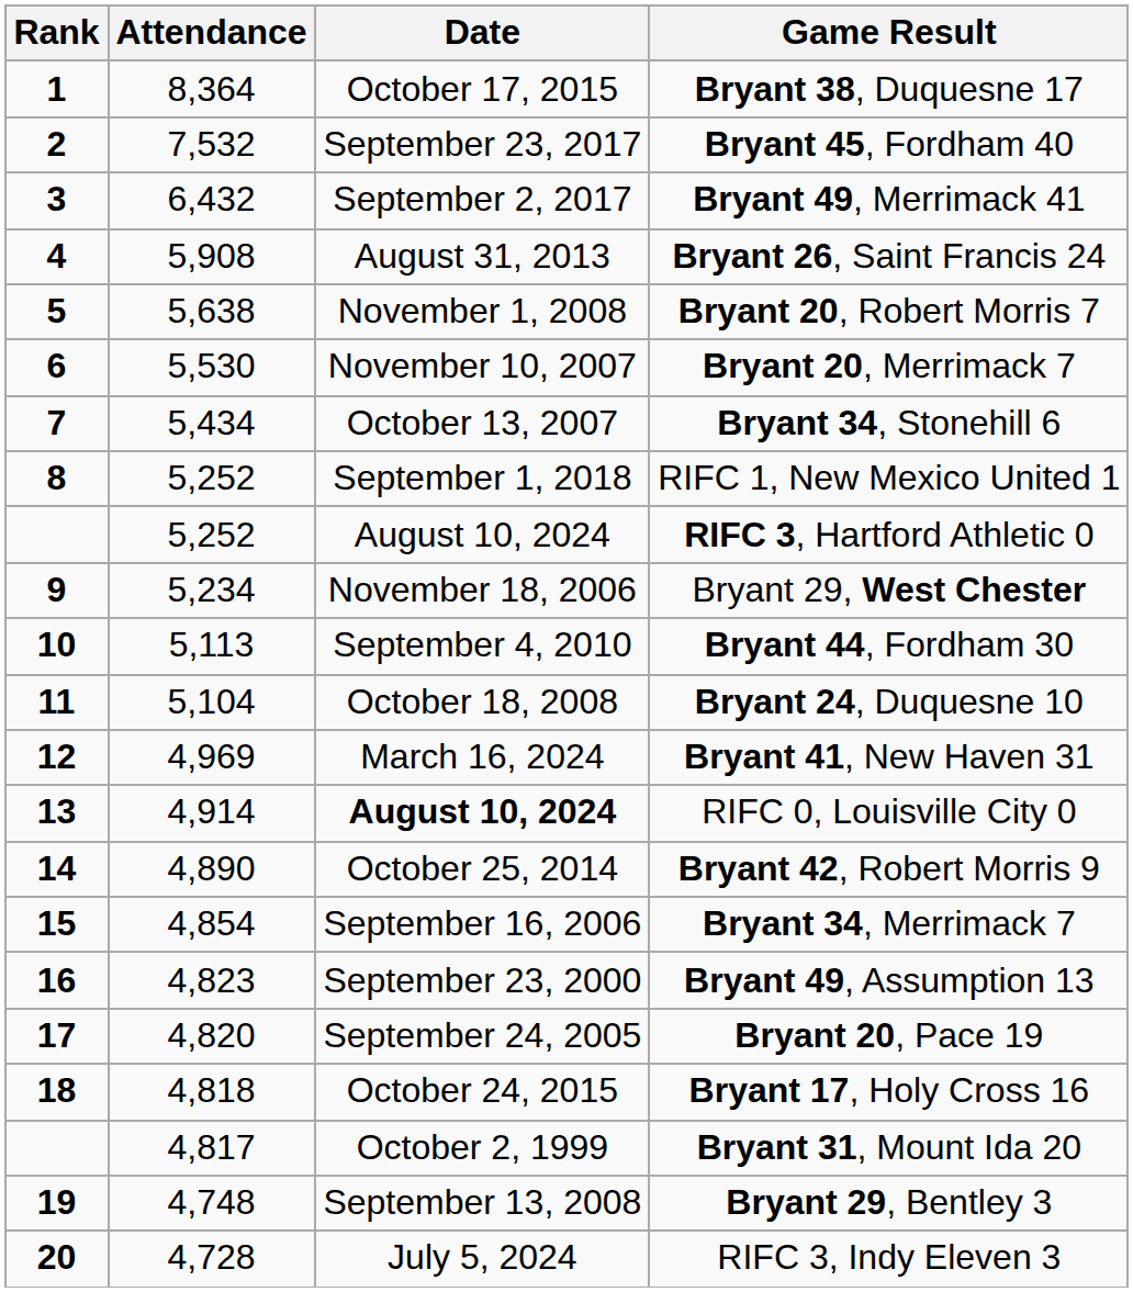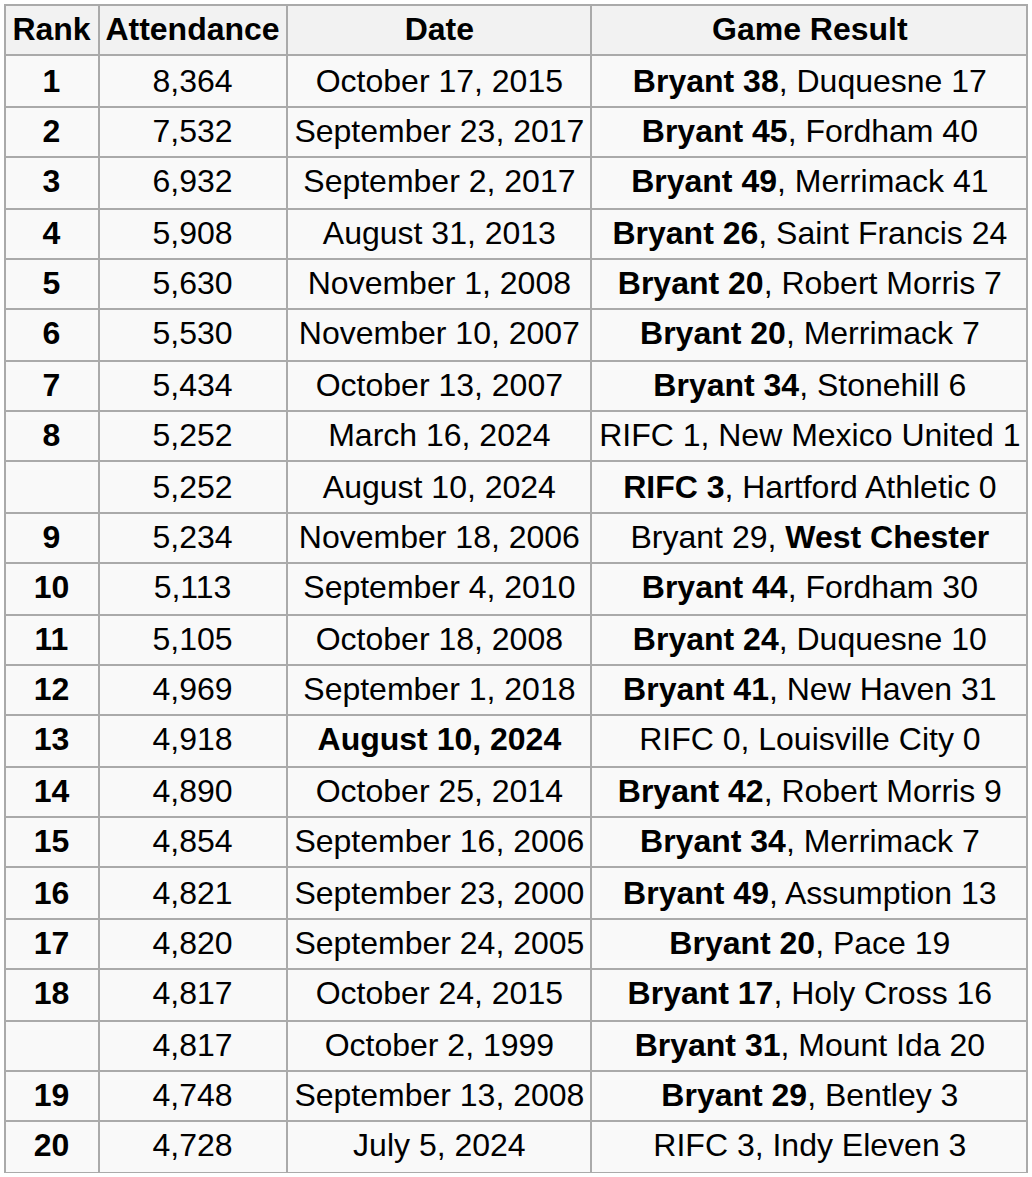 <table class="wikitable sortable">
 <tr>
 <th>Rank</th>
 <th>Attendance</th>
 <th>Date</th>
 <th>Game Result</th>
 </tr>
 <tr align="center">
 <td><strong>1</strong></td>
 <td>8,364</td>
 <td>October 17, 2015</td>
 <td><strong>Bryant 38</strong>, Duquesne 17</td>
 </tr>
 <tr align="center">
 <td><strong>2</strong></td>
 <td>7,532</td>
 <td>September 23, 2017</td>
 <td><strong>Bryant 45</strong>, Fordham 40</td>
 </tr>
 <tr align="center">
 <td><strong>3</strong></td>
-<td>6,432</td>
+<td>6,932</td>
 <td>September 2, 2017</td>
 <td><strong>Bryant 49</strong>, Merrimack 41</td>
 </tr>
 <tr align="center">
 <td><strong>4</strong></td>
 <td>5,908</td>
 <td>August 31, 2013</td>
 <td><strong>Bryant 26</strong>, Saint Francis 24</td>
 </tr>
 <tr align="center">
 <td><strong>5</strong></td>
-<td>5,638</td>
+<td>5,630</td>
 <td>November 1, 2008</td>
 <td><strong>Bryant 20</strong>, Robert Morris 7</td>
 </tr>
 <tr align="center">
 <td><strong>6</strong></td>
 <td>5,530</td>
 <td>November 10, 2007</td>
 <td><strong>Bryant 20</strong>, Merrimack 7</td>
 </tr>
 <tr align="center">
 <td><strong>7</strong></td>
 <td>5,434</td>
 <td>October 13, 2007</td>
 <td><strong> Bryant 34</strong>, Stonehill 6</td>
 </tr>
 <tr align="center">
 <td><strong>8</strong></td>
 <td>5,252</td>
-<td>September 1, 2018</td>
+<td>March 16, 2024</td>
 <td>RIFC 1, New Mexico United 1</td>
 </tr>
 <tr align="center">
 <td></td>
 <td>5,252</td>
 <td>August 10, 2024</td>
 <td><strong>RIFC 3</strong>, Hartford Athletic 0</td>
 </tr>
 <tr align="center">
 <td><strong>9</strong></td>
 <td>5,234</td>
 <td>November 18, 2006</td>
 <td> Bryant 29, <strong> West Chester</strong></td>
 </tr>
 <tr align="center">
 <td><strong>10</strong></td>
 <td>5,113</td>
 <td>September 4, 2010</td>
 <td><strong>Bryant 44</strong>, Fordham 30</td>
 </tr>
 <tr align="center">
 <td><strong>11</strong></td>
-<td>5,104</td>
+<td>5,105</td>
 <td>October 18, 2008</td>
 <td><strong>Bryant 24</strong>, Duquesne 10</td>
 </tr>
 <tr align="center">
 <td><strong>12</strong></td>
 <td>4,969</td>
-<td>March 16, 2024</td>
+<td>September 1, 2018</td>
 <td><strong>Bryant 41</strong>, New Haven 31</td>
 </tr>
 <tr align="center">
 <td><strong>13</strong></td>
-<td>4,914</td>
+<td>4,918</td>
 <td><strong>August 10, 2024</strong></td>
 <td>RIFC 0, Louisville City 0</td>
 </tr>
 <tr align="center">
 <td><strong>14</strong></td>
 <td>4,890</td>
 <td>October 25, 2014</td>
 <td><strong>Bryant 42</strong>, Robert Morris 9</td>
 </tr>
 <tr align="center">
 <td><strong>15</strong></td>
 <td>4,854</td>
 <td>September 16, 2006</td>
 <td><strong>Bryant 34</strong>, Merrimack 7</td>
 </tr>
 <tr align="center">
 <td><strong>16</strong></td>
-<td>4,823</td>
+<td>4,821</td>
 <td>September 23, 2000</td>
 <td><strong>Bryant 49</strong>, Assumption 13</td>
 </tr>
 <tr align="center">
 <td><strong>17</strong></td>
 <td>4,820</td>
 <td>September 24, 2005</td>
 <td><strong>Bryant 20</strong>, Pace 19</td>
 </tr>
 <tr align="center">
 <td><strong>18</strong></td>
-<td>4,818</td>
+<td>4,817</td>
 <td>October 24, 2015</td>
 <td><strong>Bryant 17</strong>, Holy Cross 16</td>
 </tr>
 <tr align="center">
 <td></td>
 <td>4,817</td>
 <td>October 2, 1999</td>
 <td><strong>Bryant 31</strong>, Mount Ida 20</td>
 </tr>
 <tr align="center">
 <td><strong>19</strong></td>
 <td>4,748</td>
 <td>September 13, 2008</td>
 <td><strong>Bryant 29</strong>, Bentley 3</td>
 </tr>
 <tr align="center">
 <td><strong>20</strong></td>
 <td>4,728</td>
 <td>July 5, 2024</td>
 <td>RIFC 3, Indy Eleven 3</td>
 </tr>
 <tr align="center">
 </tr>
 <tr>
 </tr>
 </table>
